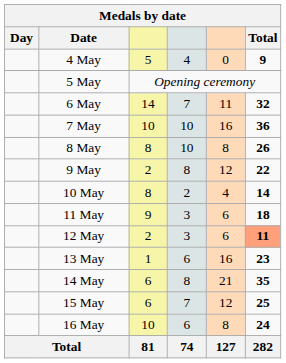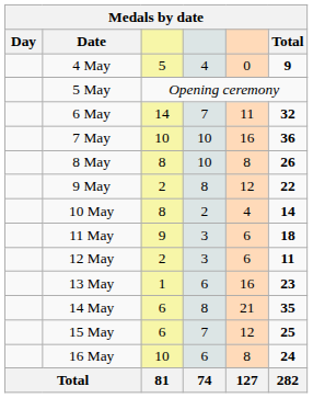 <table class="wikitable" style="font-size:90%; text-align:center">
 <tr style="background:#efefef;">
 <th colspan="6"><strong>Medals by date</strong></th>
 </tr>
 <tr>
 <th width="30"><strong>Day</strong></th>
 <th width="90"><strong>Date</strong></th>
 <th width="35" style="background:#F7F6A8;"></th>
 <th width="35" style="background:#DCE5E5;"></th>
 <th width="35" style="background:#FFDAB9;"></th>
 <th width="30"><strong>Total</strong></th>
 </tr>
 <tr>
 <td></td>
 <td>4 May</td>
 <td style="background:#F7F6A8;">5</td>
 <td style="background:#DCE5E5;">4</td>
 <td style="background:#FFDAB9;">0</td>
 <td><strong>9</strong></td>
 </tr>
 <tr>
 </tr>
 <tr>
 <td></td>
 <td>5 May</td>
 <td colspan="4" style="text-align:left center ;"> <em>Opening ceremony</em></td>
 </tr>
 <tr>
 <td></td>
 <td>6 May</td>
 <td style="background:#F7F6A8;">14</td>
 <td style="background:#DCE5E5;">7</td>
 <td style="background:#FFDAB9;">11</td>
 <td><strong>32</strong></td>
 </tr>
 <tr>
 <td></td>
 <td>7 May</td>
 <td style="background:#F7F6A8;">10</td>
 <td style="background:#DCE5E5;">10</td>
 <td style="background:#FFDAB9;">16</td>
 <td><strong>36</strong></td>
 </tr>
 <tr>
 <td></td>
 <td>8 May</td>
 <td style="background:#F7F6A8;">8</td>
 <td style="background:#DCE5E5;">10</td>
 <td style="background:#FFDAB9;">8</td>
 <td><strong>26</strong></td>
 </tr>
 <tr>
 <td></td>
 <td>9 May</td>
 <td style="background:#F7F6A8;">2</td>
 <td style="background:#DCE5E5;">8</td>
 <td style="background:#FFDAB9;">12</td>
 <td><strong>22</strong></td>
 </tr>
 <tr>
 <td></td>
 <td>10 May</td>
 <td style="background:#F7F6A8;">8</td>
 <td style="background:#DCE5E5;">2</td>
 <td style="background:#FFDAB9;">4</td>
 <td><strong>14</strong></td>
 </tr>
 <tr>
 <td></td>
 <td>11 May</td>
 <td style="background:#F7F6A8;">9</td>
 <td style="background:#DCE5E5;">3</td>
 <td style="background:#FFDAB9;">6</td>
 <td><strong>18</strong></td>
 </tr>
 <tr>
 <td></td>
 <td>12 May</td>
 <td style="background:#F7F6A8;">2</td>
 <td style="background:#DCE5E5;">3</td>
 <td style="background:#FFDAB9;">6</td>
-<td style="background: lightsalmon;"><strong>11</strong></td>
+<td><strong>11</strong></td>
 </tr>
 <tr>
 <td></td>
 <td>13 May</td>
 <td style="background:#F7F6A8;">1</td>
 <td style="background:#DCE5E5;">6</td>
 <td style="background:#FFDAB9;">16</td>
 <td><strong>23</strong></td>
 </tr>
 <tr>
 <td></td>
 <td>14 May</td>
 <td style="background:#F7F6A8;">6</td>
 <td style="background:#DCE5E5;">8</td>
 <td style="background:#FFDAB9;">21</td>
 <td><strong>35</strong></td>
 </tr>
 <tr>
 <td></td>
 <td>15 May</td>
 <td style="background:#F7F6A8;">6</td>
 <td style="background:#DCE5E5;">7</td>
 <td style="background:#FFDAB9;">12</td>
 <td><strong>25</strong></td>
 </tr>
 <tr>
 <td></td>
 <td>16 May</td>
 <td style="background:#F7F6A8;">10</td>
 <td style="background:#DCE5E5;">6</td>
 <td style="background:#FFDAB9;">8</td>
 <td><strong>24</strong></td>
 </tr>
 <tr>
 <th colspan="2"><strong>Total</strong></th>
 <th>81</th>
 <th>74</th>
 <th>127</th>
 <th>282</th>
 </tr>
 </table>
